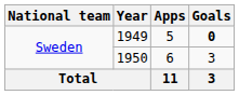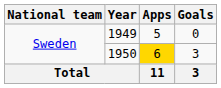 <table class="wikitable" style="text-align:center">
 <tr>
 <th>National team</th>
 <th>Year</th>
 <th>Apps</th>
 <th>Goals</th>
 </tr>
 <tr>
 <td rowspan="2"><a href='#'>Sweden</a></td>
 <td>1949</td>
 <td>5</td>
-<td><strong>0</strong></td>
+<td>0</td>
 </tr>
 <tr>
 <td>1950</td>
-<td>6</td>
+<td style="background: gold;">6</td>
 <td>3</td>
 </tr>
 <tr>
 <th colspan="2">Total</th>
 <th>11</th>
 <th>3</th>
 </tr>
 </table>
